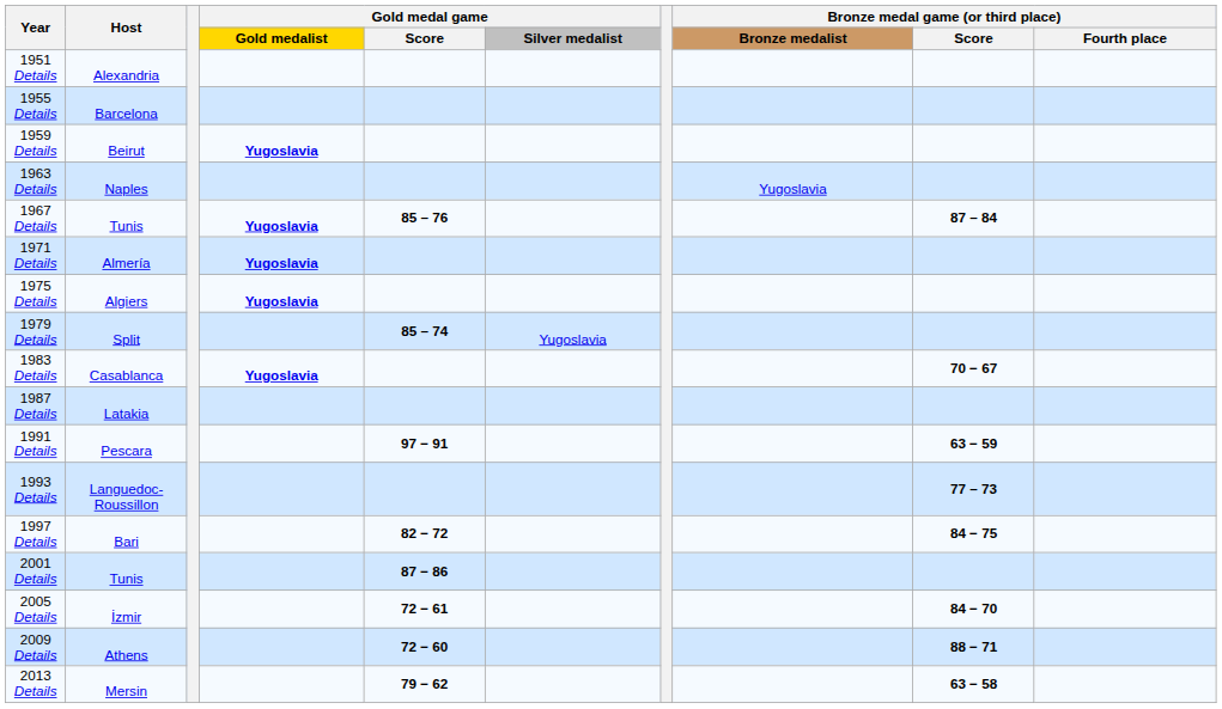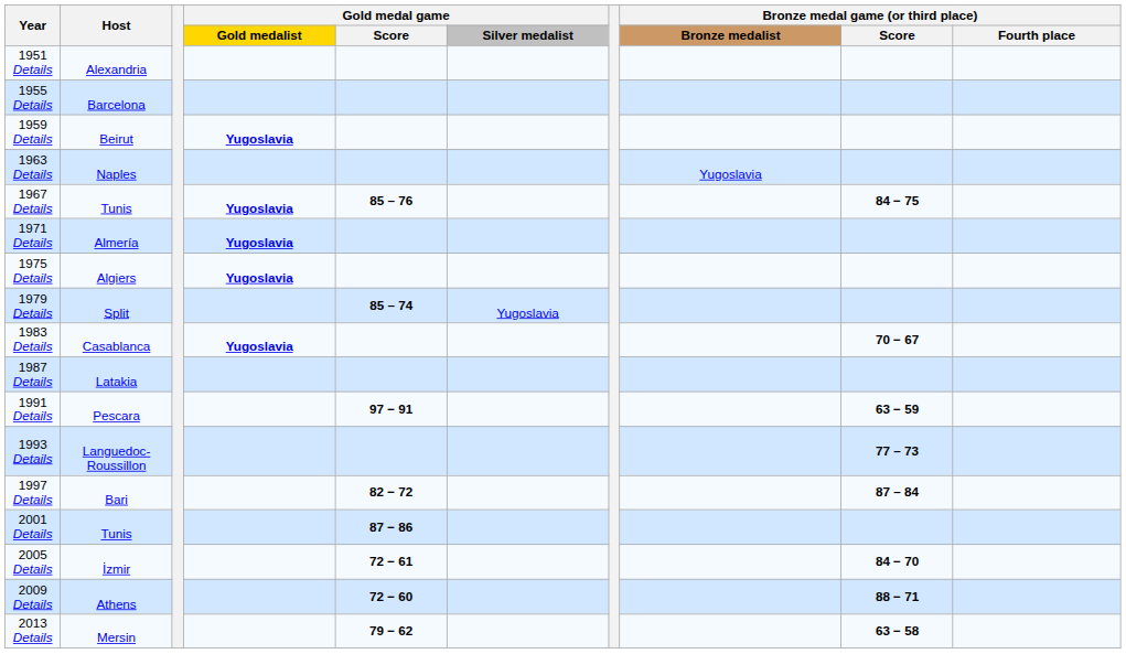 <table class=wikitable style="text-align:center; font-size:90%;">
 <tr bgcolor=#C1D8FF>
 <th rowspan=2 width=5%>Year</th>
 <th rowspan=2 width=10%>Host</th>
 <th width=1% rowspan=19 bgcolor=ffffff></th>
 <th colspan=3>Gold medal game</th>
 <th width=1% rowspan=19 bgcolor=ffffff></th>
 <th colspan=3>Bronze medal game (or third place)</th>
 </tr>
 <tr bgcolor=#EFEFEF>
 <th style="background:gold; width=15%"> Gold medalist</th>
 <th width=10%>Score</th>
 <th style="background:silver; width=15%"> Silver medalist</th>
 <th style="background:#cc9966; width=15%"> Bronze medalist</th>
 <th width=10%>Score</th>
 <th width=15%>Fourth place</th>
 </tr>
 <tr bgcolor=#F5FAFF>
 <td>1951<br><em><a href='#'>Details</a></em></td>
 <td> <br><a href='#'>Alexandria</a></td>
 <td><strong></strong></td>
 <td></td>
 <td></td>
 <td></td>
 <td></td>
 <td></td>
 </tr>
 <tr bgcolor=#D0E7FF>
 <td>1955<br><em><a href='#'>Details</a></em></td>
 <td><br><a href='#'>Barcelona</a></td>
 <td><strong></strong></td>
 <td></td>
 <td></td>
 <td></td>
 <td></td>
 <td><strong></strong></td>
 </tr>
 <tr bgcolor=#F5FAFF>
 <td>1959<br><em><a href='#'>Details</a></em></td>
 <td><br><a href='#'>Beirut</a></td>
 <td><br><strong><a href='#'>Yugoslavia</a></strong></td>
 <td></td>
 <td></td>
 <td></td>
 <td></td>
 <td></td>
 </tr>
 <tr bgcolor=#D0E7FF>
 <td>1963<br><em><a href='#'>Details</a></em></td>
 <td><br><a href='#'>Naples</a></td>
 <td><strong></strong></td>
 <td></td>
 <td></td>
 <td><br><a href='#'>Yugoslavia</a></td>
 <td></td>
 <td></td>
 </tr>
 <tr bgcolor=#F5FAFF>
 <td>1967<br><em><a href='#'>Details</a></em></td>
 <td><br><a href='#'>Tunis</a></td>
 <td><br><strong><a href='#'>Yugoslavia</a></strong></td>
 <td><strong>85 – 76</strong></td>
 <td></td>
 <td></td>
-<td><strong>87 – 84</strong></td>
+<td><strong>84 − 75</strong></td>
 <td></td>
 </tr>
 <tr bgcolor=#D0E7FF>
 <td>1971<br><em><a href='#'>Details</a></em></td>
 <td><br><a href='#'>Almería</a></td>
 <td><br><strong><a href='#'>Yugoslavia</a></strong></td>
 <td></td>
 <td></td>
 <td></td>
 <td></td>
 <td></td>
 </tr>
 <tr bgcolor=#F5FAFF>
 <td>1975<br><em><a href='#'>Details</a></em></td>
 <td><br><a href='#'>Algiers</a></td>
 <td><br><strong><a href='#'>Yugoslavia</a></strong></td>
 <td></td>
 <td></td>
 <td></td>
 <td></td>
 <td></td>
 </tr>
 <tr bgcolor=#D0E7FF>
 <td>1979<br><em><a href='#'>Details</a></em></td>
 <td><br><a href='#'>Split</a></td>
 <td><strong></strong></td>
 <td><strong>85 – 74</strong></td>
 <td><br><a href='#'>Yugoslavia</a></td>
 <td></td>
 <td></td>
 <td></td>
 </tr>
 <tr bgcolor=#F5FAFF>
 <td>1983<br><em><a href='#'>Details</a></em></td>
 <td><br><a href='#'>Casablanca</a></td>
 <td><br><strong><a href='#'>Yugoslavia</a></strong></td>
 <td></td>
 <td></td>
 <td></td>
 <td><strong>70 − 67</strong></td>
 <td></td>
 </tr>
 <tr bgcolor=#D0E7FF>
 <td>1987<br><em><a href='#'>Details</a></em></td>
 <td><br><a href='#'>Latakia</a></td>
 <td><strong></strong></td>
 <td></td>
 <td></td>
 <td></td>
 <td></td>
 <td></td>
 </tr>
 <tr bgcolor=#F5FAFF>
 <td>1991<br><em><a href='#'>Details</a></em></td>
 <td><br><a href='#'>Pescara</a></td>
 <td><strong></strong></td>
 <td><strong>97 − 91</strong></td>
 <td></td>
 <td></td>
 <td><strong>63 − 59</strong></td>
 <td></td>
 </tr>
 <tr bgcolor=#D0E7FF>
 <td>1993<br><em><a href='#'>Details</a></em></td>
 <td><br><a href='#'>Languedoc-Roussillon</a></td>
 <td><strong></strong></td>
 <td></td>
 <td></td>
 <td></td>
 <td><strong>77 – 73</strong></td>
 <td></td>
 </tr>
 <tr bgcolor=#F5FAFF>
 <td>1997<br><em><a href='#'>Details</a></em></td>
 <td><br><a href='#'>Bari</a></td>
 <td><strong></strong></td>
 <td><strong>82 − 72</strong></td>
 <td></td>
 <td></td>
-<td><strong>84 − 75</strong></td>
+<td><strong>87 – 84</strong></td>
 <td></td>
 </tr>
 <tr bgcolor=#D0E7FF>
 <td>2001<br><em><a href='#'>Details</a></em></td>
 <td><br><a href='#'>Tunis</a></td>
 <td><strong></strong></td>
 <td><strong>87 − 86</strong></td>
 <td></td>
 <td></td>
 <td></td>
 <td></td>
 </tr>
 <tr bgcolor=#F5FAFF>
 <td>2005<br> <em><a href='#'>Details</a></em></td>
 <td><br><a href='#'>İzmir</a></td>
 <td><strong></strong></td>
 <td><strong>72 − 61</strong></td>
 <td></td>
 <td></td>
 <td><strong>84 − 70</strong></td>
 <td></td>
 </tr>
 <tr bgcolor=#D0E7FF>
 <td>2009<br><em><a href='#'>Details</a></em></td>
 <td><br><a href='#'>Athens</a></td>
 <td><strong></strong></td>
 <td><strong>72 − 60</strong></td>
 <td></td>
 <td></td>
 <td><strong>88 − 71</strong></td>
 <td></td>
 </tr>
 <tr bgcolor=#F5FAFF>
 <td>2013<br><em><a href='#'>Details</a></em></td>
 <td><br><a href='#'>Mersin</a></td>
 <td><strong></strong></td>
 <td><strong>79 − 62</strong></td>
 <td></td>
 <td></td>
 <td><strong>63 − 58</strong></td>
 <td></td>
 </tr>
 </table>
